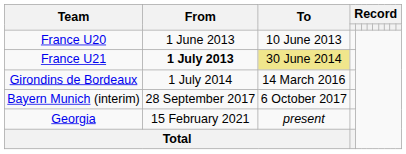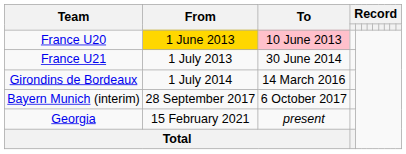 <table class="wikitable" style="text-align: center;">
 <tr>
 <th rowspan="2">Team</th>
 <th rowspan="2">From</th>
 <th rowspan="2">To</th>
 <th colspan="9">Record</th>
 </tr>
 <tr>
 <th></th>
 <th></th>
 <th></th>
 <th></th>
 <th></th>
 <th></th>
 <th></th>
 <th></th>
 <th></th>
 </tr>
 <tr>
 <td><a href='#'>France U20</a></td>
-<td>1 June 2013</td>
-<td>10 June 2013<br></td>
+<td style="background: gold;">1 June 2013</td>
+<td style="background: pink;">10 June 2013<br></td>
 <td></td>
 </tr>
 <tr>
 <td><a href='#'>France U21</a></td>
-<td><strong>1 July 2013</strong></td>
-<td style="background: khaki;">30 June 2014<br></td>
+<td>1 July 2013</td>
+<td>30 June 2014<br></td>
 <td></td>
 </tr>
 <tr>
 <td><a href='#'>Girondins de Bordeaux</a></td>
 <td>1 July 2014</td>
 <td>14 March 2016<br></td>
 <td></td>
 </tr>
 <tr>
 <td><a href='#'>Bayern Munich</a> (interim)</td>
 <td>28 September 2017</td>
 <td>6 October 2017<br></td>
 <td></td>
 </tr>
 <tr>
 <td><a href='#'>Georgia</a></td>
 <td>15 February 2021</td>
 <td><em>present</em><br></td>
 <td></td>
 </tr>
 <tr>
 <th colspan="3">Total<br></th>
 <th></th>
 </tr>
 </table>
